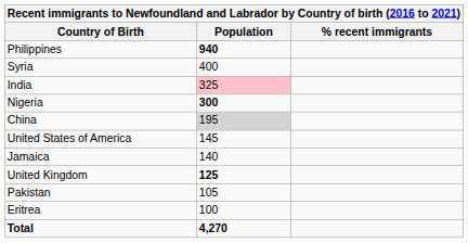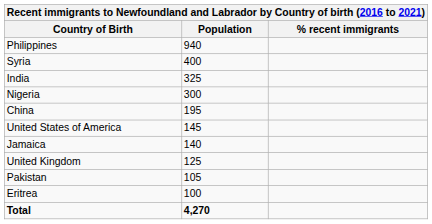 <table class="wikitable">
 <tr>
 <th colspan="4">Recent immigrants to Newfoundland and Labrador by Country of birth (<a href='#'>2016</a> to <a href='#'>2021</a>)</th>
 </tr>
 <tr>
 <th>Country of Birth</th>
 <th>Population</th>
 <th>% recent immigrants</th>
 </tr>
 <tr>
 <td>Philippines</td>
-<td><strong>940</strong></td>
+<td>940</td>
 <td></td>
 </tr>
 <tr>
 <td>Syria</td>
 <td>400</td>
 <td></td>
 </tr>
 <tr>
 <td>India</td>
-<td style="background: pink;">325</td>
+<td>325</td>
 <td></td>
 </tr>
 <tr>
 <td>Nigeria</td>
-<td><strong>300</strong></td>
+<td>300</td>
 <td></td>
 </tr>
 <tr>
 <td>China</td>
-<td style="background: lightgrey;">195</td>
+<td>195</td>
 <td></td>
 </tr>
 <tr>
 <td>United States of America</td>
 <td>145</td>
 <td></td>
 </tr>
 <tr>
 <td>Jamaica</td>
 <td>140</td>
 <td></td>
 </tr>
 <tr>
 <td>United Kingdom</td>
-<td><strong>125</strong></td>
+<td>125</td>
 <td></td>
 </tr>
 <tr>
 <td>Pakistan</td>
 <td>105</td>
 <td></td>
 </tr>
 <tr>
 <td>Eritrea</td>
 <td>100</td>
 <td></td>
 </tr>
 <tr>
 <td><strong>Total</strong></td>
 <td><strong>4,270</strong></td>
 <td><strong></strong></td>
 </tr>
 </table>
